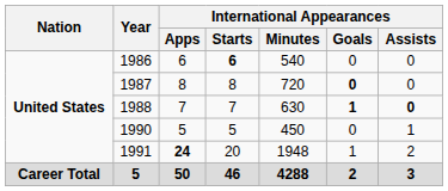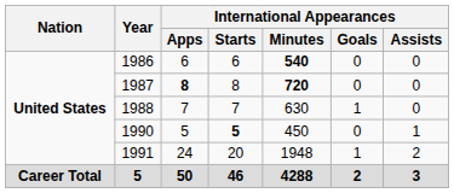 <table class="wikitable" style=font-size:90% text-align: center width=35%>
 <tr>
 <th rowspan=2 width=20%>Nation</th>
 <th rowspan=2 width=7%>Year</th>
 <th colspan=5 width=30%>International Appearances</th>
 </tr>
 <tr>
 <th align=center>Apps</th>
 <th align=center>Starts</th>
 <th align=center>Minutes</th>
 <th align=center>Goals</th>
 <th align=center>Assists</th>
 </tr>
 <tr>
 <td rowspan=5 align=center><strong>United States</strong></td>
 <td align=center>1986</td>
 <td align=center>6</td>
-<td align=center><strong>6</strong></td>
-<td align=center>540</td>
+<td align=center>6</td>
+<td align=center><strong>540</strong></td>
 <td align=center>0</td>
 <td align=center>0</td>
 </tr>
 <tr>
 <td align=center>1987</td>
+<td align=center><strong>8</strong></td>
 <td align=center>8</td>
-<td align=center>8</td>
-<td align=center>720</td>
-<td align=center><strong>0</strong></td>
+<td align=center><strong>720</strong></td>
+<td align=center>0</td>
 <td align=center>0</td>
 </tr>
 <tr>
 <td align=center>1988</td>
 <td align=center>7</td>
 <td align=center>7</td>
 <td align=center>630</td>
-<td align=center><strong>1</strong></td>
-<td align=center><strong>0</strong></td>
+<td align=center>1</td>
+<td align=center>0</td>
 </tr>
 <tr>
 <td align=center>1990</td>
 <td align=center>5</td>
-<td align=center>5</td>
+<td align=center><strong>5</strong></td>
 <td align=center>450</td>
 <td align=center>0</td>
 <td align=center>1</td>
 </tr>
 <tr>
 <td align=center>1991</td>
-<td align=center><strong>24</strong></td>
+<td align=center>24</td>
 <td align=center>20</td>
 <td align=center>1948</td>
 <td align=center>1</td>
 <td align=center>2</td>
 </tr>
 <tr>
 <th style="background: #DCDCDC" align=center>Career Total</th>
 <th style="background: #DCDCDC" align=center>5</th>
 <th style="background: #DCDCDC" align=center>50</th>
 <th style="background: #DCDCDC" align=center>46</th>
 <th style="background: #DCDCDC" align=center>4288</th>
 <th style="background: #DCDCDC" align=center>2</th>
 <th style="background: #DCDCDC" align=center>3</th>
 </tr>
 </table>
